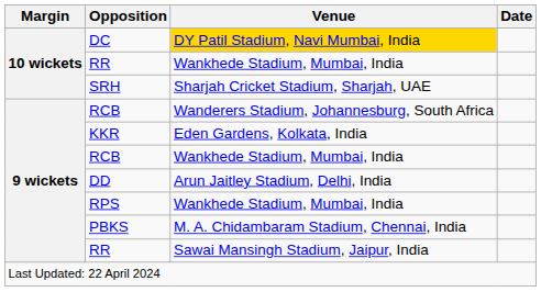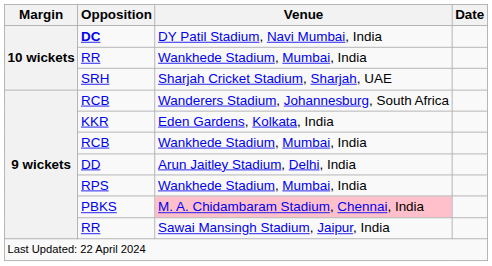 <table class="wikitable">
 <tr>
 <th>Margin</th>
 <th>Opposition</th>
 <th>Venue</th>
 <th>Date</th>
 </tr>
 <tr>
 <th rowspan=3>10 wickets</th>
-<td><a href='#'>DC</a></td>
-<td style="background: gold;"><a href='#'>DY Patil Stadium</a>, <a href='#'>Navi Mumbai</a>, India</td>
+<td><strong><a href='#'>DC</a></strong></td>
+<td><a href='#'>DY Patil Stadium</a>, <a href='#'>Navi Mumbai</a>, India</td>
 <td></td>
 </tr>
 <tr>
 <td><a href='#'>RR</a></td>
 <td><a href='#'>Wankhede Stadium</a>, <a href='#'>Mumbai</a>, India</td>
 <td></td>
 </tr>
 <tr>
 <td><a href='#'>SRH</a></td>
 <td><a href='#'>Sharjah Cricket Stadium</a>, <a href='#'>Sharjah</a>, UAE</td>
 <td></td>
 </tr>
 <tr>
 <th rowspan=7>9 wickets</th>
 <td><a href='#'>RCB</a></td>
 <td><a href='#'>Wanderers Stadium</a>, <a href='#'>Johannesburg</a>, South Africa</td>
 <td></td>
 </tr>
 <tr>
 <td><a href='#'>KKR</a></td>
 <td><a href='#'>Eden Gardens</a>, <a href='#'>Kolkata</a>, India</td>
 <td></td>
 </tr>
 <tr>
 <td><a href='#'>RCB</a></td>
 <td><a href='#'>Wankhede Stadium</a>, <a href='#'>Mumbai</a>, India</td>
 <td></td>
 </tr>
 <tr>
 <td><a href='#'>DD</a></td>
 <td><a href='#'>Arun Jaitley Stadium</a>, <a href='#'>Delhi</a>, India</td>
 <td></td>
 </tr>
 <tr>
 <td><a href='#'>RPS</a></td>
 <td><a href='#'>Wankhede Stadium</a>, <a href='#'>Mumbai</a>, India</td>
 <td></td>
 </tr>
 <tr>
 <td><a href='#'>PBKS</a></td>
-<td><a href='#'>M. A. Chidambaram Stadium</a>, <a href='#'>Chennai</a>, India</td>
+<td style="background: pink;"><a href='#'>M. A. Chidambaram Stadium</a>, <a href='#'>Chennai</a>, India</td>
 <td></td>
 </tr>
 <tr>
 <td><a href='#'>RR</a></td>
 <td><a href='#'>Sawai Mansingh Stadium</a>, <a href='#'>Jaipur</a>, India</td>
 <td></td>
 </tr>
 <tr class=sortbottom>
 <td colspan="4"><small>Last Updated: 22 April 2024</small></td>
 </tr>
 </table>
